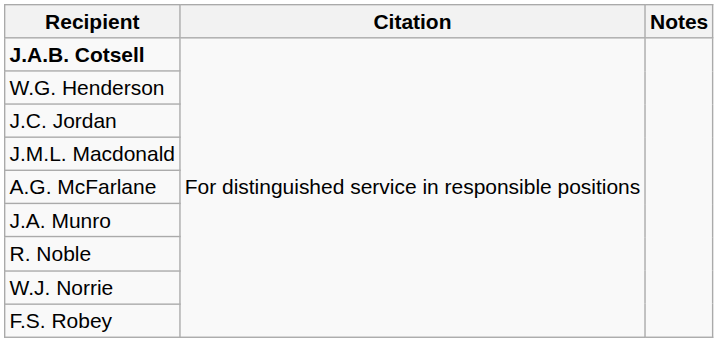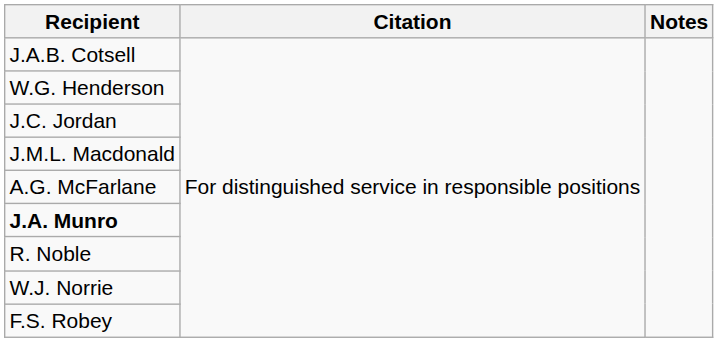 <table class="wikitable" style="font-size:95%;">
 <tr>
 <th>Recipient</th>
 <th>Citation</th>
 <th>Notes</th>
 </tr>
 <tr>
-<td><strong> J.A.B. Cotsell </strong></td>
+<td> J.A.B. Cotsell </td>
 <td rowspan=9>For distinguished service in responsible positions</td>
 <td rowspan=9></td>
 </tr>
 <tr>
 <td> W.G. Henderson </td>
 </tr>
 <tr>
 <td> J.C. Jordan</td>
 </tr>
 <tr>
 <td> J.M.L. Macdonald </td>
 </tr>
 <tr>
 <td> A.G. McFarlane</td>
 </tr>
 <tr>
-<td> J.A. Munro</td>
+<td><strong> J.A. Munro</strong></td>
 </tr>
 <tr>
 <td> R. Noble</td>
 </tr>
 <tr>
 <td> W.J. Norrie </td>
 </tr>
 <tr>
 <td> F.S. Robey </td>
 </tr>
 </table>
